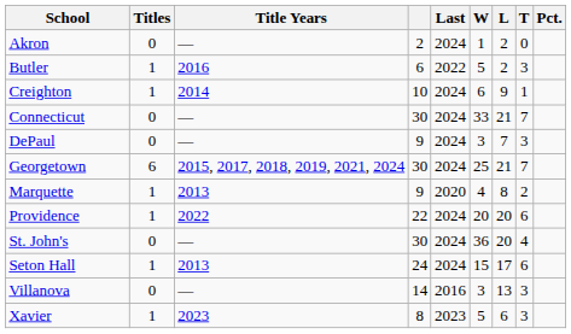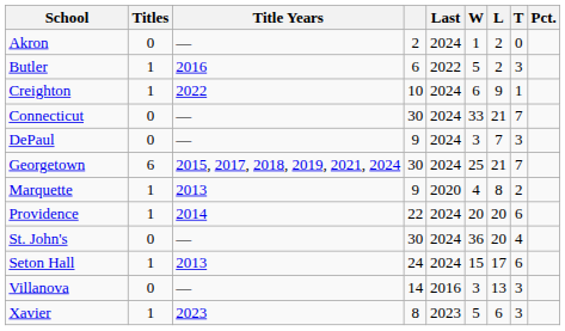 <table class="wikitable sortable" style="text-align:center">
 <tr>
 <th width=120px>School</th>
 <th width=px>Titles</th>
 <th width=px>Title Years</th>
 <th width=px></th>
 <th width=px>Last</th>
 <th width=px>W</th>
 <th width=px>L</th>
 <th width=px>T</th>
 <th width=px>Pct.</th>
 </tr>
 <tr>
 <td align=left><a href='#'>Akron</a></td>
 <td>0</td>
 <td align=left>—</td>
 <td>2</td>
 <td>2024</td>
 <td>1</td>
 <td>2</td>
 <td>0</td>
 <td></td>
 </tr>
 <tr>
 <td align=left><a href='#'>Butler</a></td>
 <td>1</td>
 <td align=left><a href='#'>2016</a></td>
 <td>6</td>
 <td>2022</td>
 <td>5</td>
 <td>2</td>
 <td>3</td>
 <td></td>
 </tr>
 <tr>
 <td align=left><a href='#'>Creighton</a></td>
 <td>1</td>
-<td align=left><a href='#'>2014</a></td>
+<td align=left><a href='#'>2022</a></td>
 <td>10</td>
 <td>2024</td>
 <td>6</td>
 <td>9</td>
 <td>1</td>
 <td></td>
 </tr>
 <tr>
 <td align=left><a href='#'>Connecticut</a></td>
 <td>0</td>
 <td align=left>—</td>
 <td>30</td>
 <td>2024</td>
 <td>33</td>
 <td>21</td>
 <td>7</td>
 <td></td>
 </tr>
 <tr>
 <td align=left><a href='#'>DePaul</a></td>
 <td>0</td>
 <td align=left>—</td>
 <td>9</td>
 <td>2024</td>
 <td>3</td>
 <td>7</td>
 <td>3</td>
 <td></td>
 </tr>
 <tr>
 <td align=left><a href='#'>Georgetown</a></td>
 <td>6</td>
 <td align=left><a href='#'>2015</a>, <a href='#'>2017</a>, <a href='#'>2018</a>, <a href='#'>2019</a>, <a href='#'>2021</a>, <a href='#'>2024</a></td>
 <td>30</td>
 <td>2024</td>
 <td>25</td>
 <td>21</td>
 <td>7</td>
 <td></td>
 </tr>
 <tr>
 <td align=left><a href='#'>Marquette</a></td>
 <td>1</td>
 <td align=left><a href='#'>2013</a></td>
 <td>9</td>
 <td>2020</td>
 <td>4</td>
 <td>8</td>
 <td>2</td>
 <td></td>
 </tr>
 <tr>
 <td align=left><a href='#'>Providence</a></td>
 <td>1</td>
-<td align=left><a href='#'>2022</a></td>
+<td align=left><a href='#'>2014</a></td>
 <td>22</td>
 <td>2024</td>
 <td>20</td>
 <td>20</td>
 <td>6</td>
 <td></td>
 </tr>
 <tr>
 <td align=left><a href='#'>St. John's</a></td>
 <td>0</td>
 <td align=left>—</td>
 <td>30</td>
 <td>2024</td>
 <td>36</td>
 <td>20</td>
 <td>4</td>
 <td></td>
 </tr>
 <tr>
 <td align=left><a href='#'>Seton Hall</a></td>
 <td>1</td>
 <td align=left><a href='#'>2013</a></td>
 <td>24</td>
 <td>2024</td>
 <td>15</td>
 <td>17</td>
 <td>6</td>
 <td></td>
 </tr>
 <tr>
 <td align=left><a href='#'>Villanova</a></td>
 <td>0</td>
 <td align=left>—</td>
 <td>14</td>
 <td>2016</td>
 <td>3</td>
 <td>13</td>
 <td>3</td>
 <td></td>
 </tr>
 <tr>
 <td align=left><a href='#'>Xavier</a></td>
 <td>1</td>
 <td align=left><a href='#'>2023</a></td>
 <td>8</td>
 <td>2023</td>
 <td>5</td>
 <td>6</td>
 <td>3</td>
 <td></td>
 </tr>
 </table>
